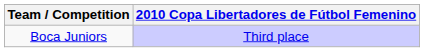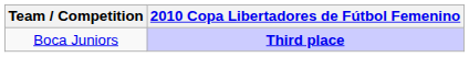 <table class="wikitable">
 <tr>
 <th>Team / Competition</th>
 <th><a href='#'>2010 Copa Libertadores de Fútbol Femenino</a></th>
 </tr>
 <tr align="center">
 <td><a href='#'>Boca Juniors</a></td>
-<td bgcolor="#CCCCFF"><a href='#'>Third place</a></td>
+<td bgcolor="#CCCCFF"><strong><a href='#'>Third place</a></strong></td>
 </tr>
 </table>
